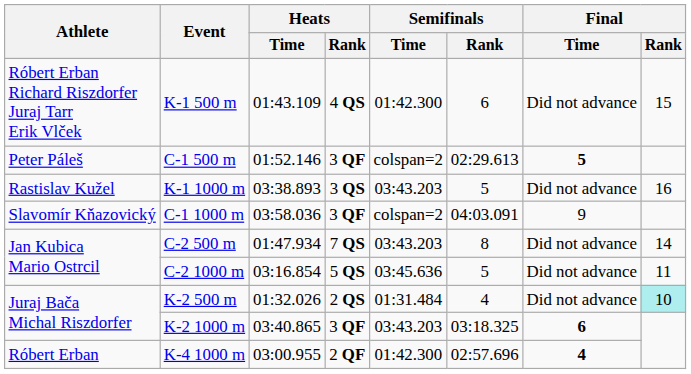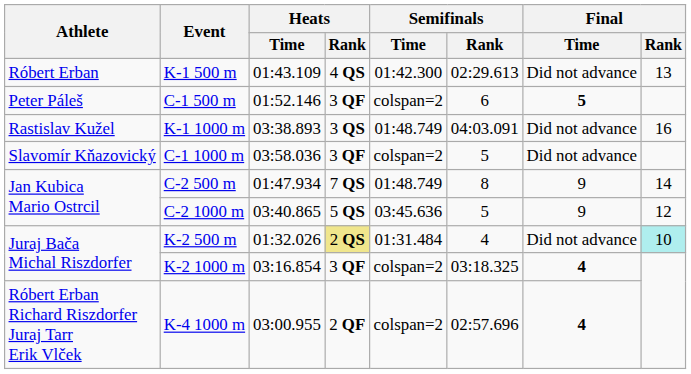 <table class=wikitable style="font-size:90%">
 <tr>
 <th rowspan="2">Athlete</th>
 <th rowspan="2">Event</th>
 <th colspan="2">Heats</th>
 <th colspan="2">Semifinals</th>
 <th colspan="2">Final</th>
 </tr>
 <tr style="font-size:95%">
 <th>Time</th>
 <th>Rank</th>
 <th>Time</th>
 <th>Rank</th>
 <th>Time</th>
 <th>Rank</th>
 </tr>
 <tr align=center>
-<td align=left><a href='#'>Róbert Erban</a><br><a href='#'>Richard Riszdorfer</a><br><a href='#'>Juraj Tarr</a><br><a href='#'>Erik Vlček</a></td>
+<td align=left><a href='#'>Róbert Erban</a></td>
 <td align=left><a href='#'>K-1 500 m</a></td>
 <td>01:43.109</td>
 <td>4 <strong>QS</strong></td>
 <td>01:42.300</td>
-<td>6</td>
+<td>02:29.613</td>
 <td>Did not advance</td>
-<td>15</td>
+<td>13</td>
 </tr>
 <tr align=center>
 <td align=left><a href='#'>Peter Páleš</a></td>
 <td align=left><a href='#'>C-1 500 m</a></td>
 <td>01:52.146</td>
 <td>3 <strong>QF</strong></td>
 <td>colspan=2 </td>
-<td>02:29.613</td>
+<td>6</td>
 <td><strong>5</strong></td>
 </tr>
 <tr align=center>
 <td align=left><a href='#'>Rastislav Kužel</a></td>
 <td align=left><a href='#'>K-1 1000 m</a></td>
 <td>03:38.893</td>
 <td>3 <strong>QS</strong></td>
-<td>03:43.203</td>
-<td>5</td>
+<td>01:48.749</td>
+<td>04:03.091</td>
 <td>Did not advance</td>
 <td>16</td>
 </tr>
 <tr align=center>
 <td align=left><a href='#'>Slavomír Kňazovický</a></td>
 <td align=left><a href='#'>C-1 1000 m</a></td>
 <td>03:58.036</td>
 <td>3 <strong>QF</strong></td>
 <td>colspan=2 </td>
-<td>04:03.091</td>
-<td>9</td>
+<td>5</td>
+<td>Did not advance</td>
 </tr>
 <tr align=center>
 <td align=left rowspan=2><a href='#'>Jan Kubica</a><br><a href='#'>Mario Ostrcil</a></td>
 <td align=left><a href='#'>C-2 500 m</a></td>
 <td>01:47.934</td>
 <td>7 <strong>QS</strong></td>
-<td>03:43.203</td>
+<td>01:48.749</td>
 <td>8</td>
-<td>Did not advance</td>
+<td>9</td>
 <td>14</td>
 </tr>
 <tr align=center>
 <td align=left><a href='#'>C-2 1000 m</a></td>
-<td>03:16.854</td>
+<td>03:40.865</td>
 <td>5 <strong>QS</strong></td>
 <td>03:45.636</td>
 <td>5</td>
-<td>Did not advance</td>
-<td>11</td>
+<td>9</td>
+<td>12</td>
 </tr>
 <tr align=center>
 <td align=left rowspan=2><a href='#'>Juraj Bača</a><br><a href='#'>Michal Riszdorfer</a></td>
 <td align=left><a href='#'>K-2 500 m</a></td>
 <td>01:32.026</td>
-<td>2 <strong>QS</strong></td>
+<td style="background: khaki;">2 <strong>QS</strong></td>
 <td>01:31.484</td>
 <td>4</td>
 <td>Did not advance</td>
 <td style="background: paleturquoise;">10</td>
 </tr>
 <tr align=center>
 <td align=left><a href='#'>K-2 1000 m</a></td>
-<td>03:40.865</td>
+<td>03:16.854</td>
 <td>3 <strong>QF</strong></td>
-<td>03:43.203</td>
+<td>colspan=2 </td>
 <td>03:18.325</td>
-<td><strong>6</strong></td>
+<td><strong>4</strong></td>
 </tr>
 <tr align=center>
-<td align=left><a href='#'>Róbert Erban</a></td>
+<td align=left><a href='#'>Róbert Erban</a><br><a href='#'>Richard Riszdorfer</a><br><a href='#'>Juraj Tarr</a><br><a href='#'>Erik Vlček</a></td>
 <td align=left><a href='#'>K-4 1000 m</a></td>
 <td>03:00.955</td>
 <td>2 <strong>QF</strong></td>
-<td>01:42.300</td>
+<td>colspan=2 </td>
 <td>02:57.696</td>
 <td><strong>4</strong></td>
 </tr>
 </table>
